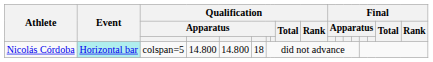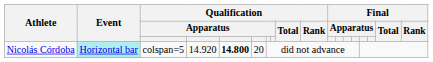 <table class="wikitable" style="font-size:90%">
 <tr>
 <th rowspan=3>Athlete</th>
 <th rowspan=3>Event</th>
 <th colspan =8>Qualification</th>
 <th colspan =8>Final</th>
 </tr>
 <tr style="font-size:95%">
 <th colspan=6>Apparatus</th>
 <th rowspan=2>Total</th>
 <th rowspan=2>Rank</th>
 <th colspan=6>Apparatus</th>
 <th rowspan=2>Total</th>
 <th rowspan=2>Rank</th>
 </tr>
 <tr style="font-size:95%">
 <th></th>
 <th></th>
 <th></th>
 <th></th>
 <th></th>
 <th></th>
 <th></th>
 <th></th>
 <th></th>
 <th></th>
 <th></th>
 <th></th>
 </tr>
 <tr align=center>
 <td align=left><a href='#'>Nicolás Córdoba</a></td>
 <td align=left style="background: paleturquoise;"><a href='#'>Horizontal bar</a></td>
 <td>colspan=5 </td>
-<td>14.800</td>
-<td>14.800</td>
-<td>18</td>
+<td>14.920</td>
+<td><strong>14.800</strong></td>
+<td>20</td>
 <td colspan=8>did not advance</td>
 </tr>
 </table>
